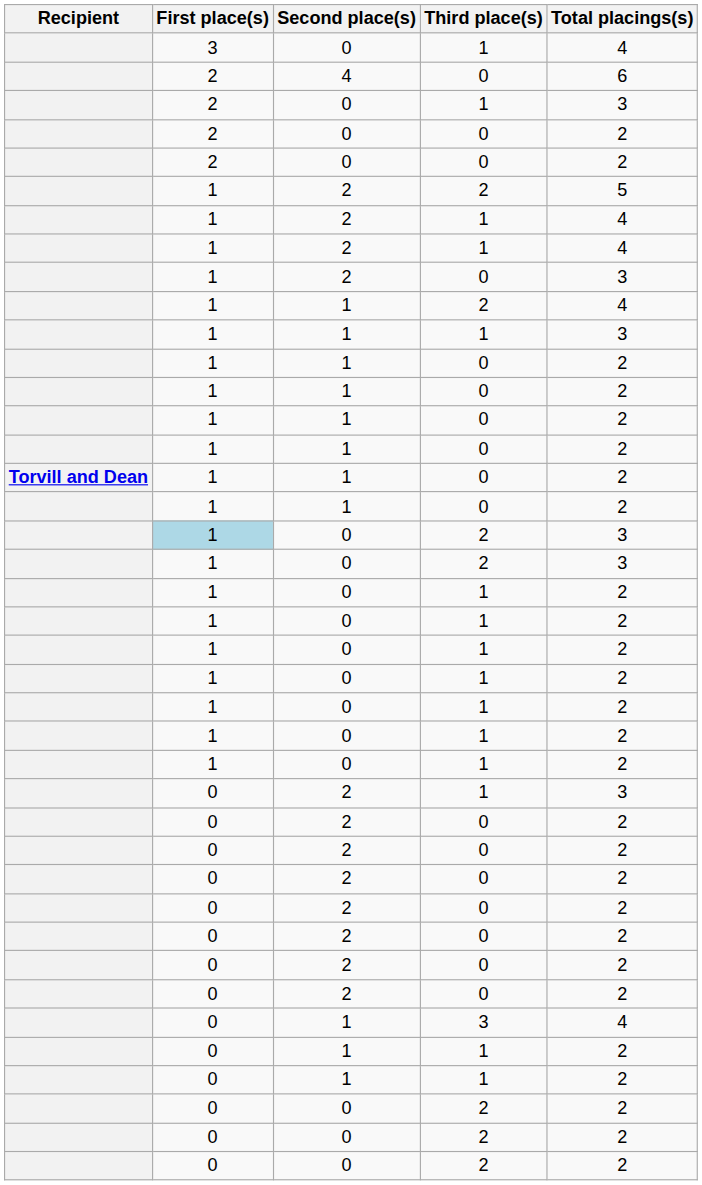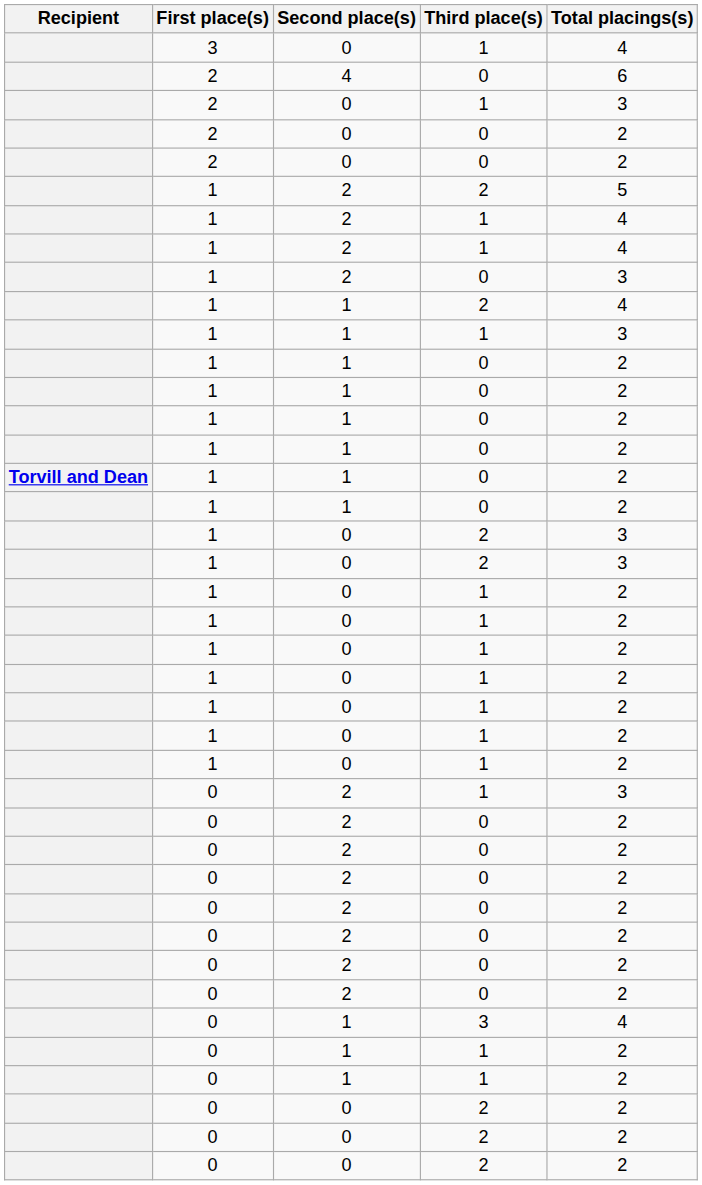 <table class="wikitable plainrowheaders sortable">
 <tr>
 <th scope=col>Recipient</th>
 <th scope=col>First place(s)</th>
 <th scope=col>Second place(s)</th>
 <th scope=col>Third place(s)</th>
 <th scope=col>Total placings(s)</th>
 </tr>
 <tr>
 <th scope=row></th>
 <td align=center>3</td>
 <td align=center>0</td>
 <td align=center>1</td>
 <td align=center>4</td>
 </tr>
 <tr>
 <th scope=row></th>
 <td align=center>2</td>
 <td align=center>4</td>
 <td align=center>0</td>
 <td align=center>6</td>
 </tr>
 <tr>
 <th scope=row></th>
 <td align=center>2</td>
 <td align=center>0</td>
 <td align=center>1</td>
 <td align=center>3</td>
 </tr>
 <tr>
 <th scope=row></th>
 <td align=center>2</td>
 <td align=center>0</td>
 <td align=center>0</td>
 <td align=center>2</td>
 </tr>
 <tr>
 <th scope=row></th>
 <td align=center>2</td>
 <td align=center>0</td>
 <td align=center>0</td>
 <td align=center>2</td>
 </tr>
 <tr>
 <th scope=row></th>
 <td align=center>1</td>
 <td align=center>2</td>
 <td align=center>2</td>
 <td align=center>5</td>
 </tr>
 <tr>
 <th scope=row></th>
 <td align=center>1</td>
 <td align=center>2</td>
 <td align=center>1</td>
 <td align=center>4</td>
 </tr>
 <tr>
 <th scope=row></th>
 <td align=center>1</td>
 <td align=center>2</td>
 <td align=center>1</td>
 <td align=center>4</td>
 </tr>
 <tr>
 <th scope=row></th>
 <td align=center>1</td>
 <td align=center>2</td>
 <td align=center>0</td>
 <td align=center>3</td>
 </tr>
 <tr>
 <th scope=row></th>
 <td align=center>1</td>
 <td align=center>1</td>
 <td align=center>2</td>
 <td align=center>4</td>
 </tr>
 <tr>
 <th scope=row></th>
 <td align=center>1</td>
 <td align=center>1</td>
 <td align=center>1</td>
 <td align=center>3</td>
 </tr>
 <tr>
 <th scope=row></th>
 <td align=center>1</td>
 <td align=center>1</td>
 <td align=center>0</td>
 <td align=center>2</td>
 </tr>
 <tr>
 <th scope=row></th>
 <td align=center>1</td>
 <td align=center>1</td>
 <td align=center>0</td>
 <td align=center>2</td>
 </tr>
 <tr>
 <th scope=row></th>
 <td align=center>1</td>
 <td align=center>1</td>
 <td align=center>0</td>
 <td align=center>2</td>
 </tr>
 <tr>
 <th scope=row></th>
 <td align=center>1</td>
 <td align=center>1</td>
 <td align=center>0</td>
 <td align=center>2</td>
 </tr>
 <tr>
 <th scope=row><a href='#'>Torvill and Dean</a></th>
 <td align=center>1</td>
 <td align=center>1</td>
 <td align=center>0</td>
 <td align=center>2</td>
 </tr>
 <tr>
 <th scope=row></th>
 <td align=center>1</td>
 <td align=center>1</td>
 <td align=center>0</td>
 <td align=center>2</td>
 </tr>
 <tr>
 <th scope=row></th>
-<td align=center style="background: lightblue;">1</td>
+<td align=center>1</td>
 <td align=center>0</td>
 <td align=center>2</td>
 <td align=center>3</td>
 </tr>
 <tr>
 <th scope=row></th>
 <td align=center>1</td>
 <td align=center>0</td>
 <td align=center>2</td>
 <td align=center>3</td>
 </tr>
 <tr>
 <th scope=row></th>
 <td align=center>1</td>
 <td align=center>0</td>
 <td align=center>1</td>
 <td align=center>2</td>
 </tr>
 <tr>
 <th scope=row></th>
 <td align=center>1</td>
 <td align=center>0</td>
 <td align=center>1</td>
 <td align=center>2</td>
 </tr>
 <tr>
 <th scope=row></th>
 <td align=center>1</td>
 <td align=center>0</td>
 <td align=center>1</td>
 <td align=center>2</td>
 </tr>
 <tr>
 <th scope=row></th>
 <td align=center>1</td>
 <td align=center>0</td>
 <td align=center>1</td>
 <td align=center>2</td>
 </tr>
 <tr>
 <th scope=row></th>
 <td align=center>1</td>
 <td align=center>0</td>
 <td align=center>1</td>
 <td align=center>2</td>
 </tr>
 <tr>
 <th scope=row></th>
 <td align=center>1</td>
 <td align=center>0</td>
 <td align=center>1</td>
 <td align=center>2</td>
 </tr>
 <tr>
 <th scope=row></th>
 <td align=center>1</td>
 <td align=center>0</td>
 <td align=center>1</td>
 <td align=center>2</td>
 </tr>
 <tr>
 <th scope=row></th>
 <td align=center>0</td>
 <td align=center>2</td>
 <td align=center>1</td>
 <td align=center>3</td>
 </tr>
 <tr>
 <th scope=row></th>
 <td align=center>0</td>
 <td align=center>2</td>
 <td align=center>0</td>
 <td align=center>2</td>
 </tr>
 <tr>
 <th scope=row></th>
 <td align=center>0</td>
 <td align=center>2</td>
 <td align=center>0</td>
 <td align=center>2</td>
 </tr>
 <tr>
 <th scope=row></th>
 <td align=center>0</td>
 <td align=center>2</td>
 <td align=center>0</td>
 <td align=center>2</td>
 </tr>
 <tr>
 <th scope=row></th>
 <td align=center>0</td>
 <td align=center>2</td>
 <td align=center>0</td>
 <td align=center>2</td>
 </tr>
 <tr>
 <th scope=row></th>
 <td align=center>0</td>
 <td align=center>2</td>
 <td align=center>0</td>
 <td align=center>2</td>
 </tr>
 <tr>
 <th scope=row></th>
 <td align=center>0</td>
 <td align=center>2</td>
 <td align=center>0</td>
 <td align=center>2</td>
 </tr>
 <tr>
 <th scope=row></th>
 <td align=center>0</td>
 <td align=center>2</td>
 <td align=center>0</td>
 <td align=center>2</td>
 </tr>
 <tr>
 <th scope=row></th>
 <td align=center>0</td>
 <td align=center>1</td>
 <td align=center>3</td>
 <td align=center>4</td>
 </tr>
 <tr>
 <th scope=row></th>
 <td align=center>0</td>
 <td align=center>1</td>
 <td align=center>1</td>
 <td align=center>2</td>
 </tr>
 <tr>
 <th scope=row></th>
 <td align=center>0</td>
 <td align=center>1</td>
 <td align=center>1</td>
 <td align=center>2</td>
 </tr>
 <tr>
 <th scope=row></th>
 <td align=center>0</td>
 <td align=center>0</td>
 <td align=center>2</td>
 <td align=center>2</td>
 </tr>
 <tr>
 <th scope=row></th>
 <td align=center>0</td>
 <td align=center>0</td>
 <td align=center>2</td>
 <td align=center>2</td>
 </tr>
 <tr>
 <th scope=row></th>
 <td align=center>0</td>
 <td align=center>0</td>
 <td align=center>2</td>
 <td align=center>2</td>
 </tr>
 </table>
